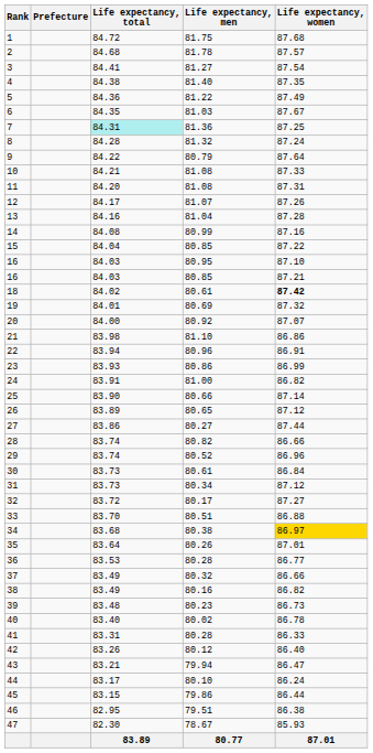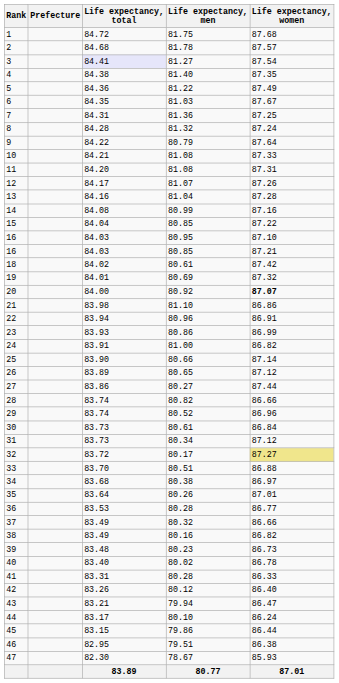 <table class="wikitable sortable">
 <tr>
 <th>Rank</th>
 <th>Prefecture</th>
 <th>Life expectancy,<br>total</th>
 <th>Life expectancy,<br>men</th>
 <th>Life expectancy,<br>women</th>
 </tr>
 <tr>
 <td>1</td>
 <td></td>
 <td>84.72</td>
 <td>81.75</td>
 <td>87.68</td>
 </tr>
 <tr>
 <td>2</td>
 <td></td>
 <td>84.68</td>
 <td>81.78</td>
 <td>87.57</td>
 </tr>
 <tr>
 <td>3</td>
 <td></td>
-<td>84.41</td>
+<td style="background: lavender;">84.41</td>
 <td>81.27</td>
 <td>87.54</td>
 </tr>
 <tr>
 <td>4</td>
 <td></td>
 <td>84.38</td>
 <td>81.40</td>
 <td>87.35</td>
 </tr>
 <tr>
 <td>5</td>
 <td></td>
 <td>84.36</td>
 <td>81.22</td>
 <td>87.49</td>
 </tr>
 <tr>
 <td>6</td>
 <td></td>
 <td>84.35</td>
 <td>81.03</td>
 <td>87.67</td>
 </tr>
 <tr>
 <td>7</td>
 <td></td>
-<td style="background: paleturquoise;">84.31</td>
+<td>84.31</td>
 <td>81.36</td>
 <td>87.25</td>
 </tr>
 <tr>
 <td>8</td>
 <td></td>
 <td>84.28</td>
 <td>81.32</td>
 <td>87.24</td>
 </tr>
 <tr>
 <td>9</td>
 <td></td>
 <td>84.22</td>
 <td>80.79</td>
 <td>87.64</td>
 </tr>
 <tr>
 <td>10</td>
 <td></td>
 <td>84.21</td>
 <td>81.08</td>
 <td>87.33</td>
 </tr>
 <tr>
 <td>11</td>
 <td></td>
 <td>84.20</td>
 <td>81.08</td>
 <td>87.31</td>
 </tr>
 <tr>
 <td>12</td>
 <td></td>
 <td>84.17</td>
 <td>81.07</td>
 <td>87.26</td>
 </tr>
 <tr>
 <td>13</td>
 <td></td>
 <td>84.16</td>
 <td>81.04</td>
 <td>87.28</td>
 </tr>
 <tr>
 <td>14</td>
 <td></td>
 <td>84.08</td>
 <td>80.99</td>
 <td>87.16</td>
 </tr>
 <tr>
 <td>15</td>
 <td></td>
 <td>84.04</td>
 <td>80.85</td>
 <td>87.22</td>
 </tr>
 <tr>
 <td>16</td>
 <td></td>
 <td>84.03</td>
 <td>80.95</td>
 <td>87.10</td>
 </tr>
 <tr>
 <td>16</td>
 <td></td>
 <td>84.03</td>
 <td>80.85</td>
 <td>87.21</td>
 </tr>
 <tr>
 <td>18</td>
 <td></td>
 <td>84.02</td>
 <td>80.61</td>
-<td><strong>87.42</strong></td>
+<td>87.42</td>
 </tr>
 <tr>
 <td>19</td>
 <td></td>
 <td>84.01</td>
 <td>80.69</td>
 <td>87.32</td>
 </tr>
 <tr>
 <td>20</td>
 <td></td>
 <td>84.00</td>
 <td>80.92</td>
-<td>87.07</td>
+<td><strong>87.07</strong></td>
 </tr>
 <tr>
 <td>21</td>
 <td></td>
 <td>83.98</td>
 <td>81.10</td>
 <td>86.86</td>
 </tr>
 <tr>
 <td>22</td>
 <td></td>
 <td>83.94</td>
 <td>80.96</td>
 <td>86.91</td>
 </tr>
 <tr>
 <td>23</td>
 <td></td>
 <td>83.93</td>
 <td>80.86</td>
 <td>86.99</td>
 </tr>
 <tr>
 <td>24</td>
 <td></td>
 <td>83.91</td>
 <td>81.00</td>
 <td>86.82</td>
 </tr>
 <tr>
 <td>25</td>
 <td></td>
 <td>83.90</td>
 <td>80.66</td>
 <td>87.14</td>
 </tr>
 <tr>
 <td>26</td>
 <td></td>
 <td>83.89</td>
 <td>80.65</td>
 <td>87.12</td>
 </tr>
 <tr>
 <td>27</td>
 <td></td>
 <td>83.86</td>
 <td>80.27</td>
 <td>87.44</td>
 </tr>
 <tr>
 <td>28</td>
 <td></td>
 <td>83.74</td>
 <td>80.82</td>
 <td>86.66</td>
 </tr>
 <tr>
 <td>29</td>
 <td></td>
 <td>83.74</td>
 <td>80.52</td>
 <td>86.96</td>
 </tr>
 <tr>
 <td>30</td>
 <td></td>
 <td>83.73</td>
 <td>80.61</td>
 <td>86.84</td>
 </tr>
 <tr>
 <td>31</td>
 <td></td>
 <td>83.73</td>
 <td>80.34</td>
 <td>87.12</td>
 </tr>
 <tr>
 <td>32</td>
 <td></td>
 <td>83.72</td>
 <td>80.17</td>
-<td>87.27</td>
+<td style="background: khaki;">87.27</td>
 </tr>
 <tr>
 <td>33</td>
 <td></td>
 <td>83.70</td>
 <td>80.51</td>
 <td>86.88</td>
 </tr>
 <tr>
 <td>34</td>
 <td></td>
 <td>83.68</td>
 <td>80.38</td>
-<td style="background: gold;">86.97</td>
+<td>86.97</td>
 </tr>
 <tr>
 <td>35</td>
 <td></td>
 <td>83.64</td>
 <td>80.26</td>
 <td>87.01</td>
 </tr>
 <tr>
 <td>36</td>
 <td></td>
 <td>83.53</td>
 <td>80.28</td>
 <td>86.77</td>
 </tr>
 <tr>
 <td>37</td>
 <td></td>
 <td>83.49</td>
 <td>80.32</td>
 <td>86.66</td>
 </tr>
 <tr>
 <td>38</td>
 <td></td>
 <td>83.49</td>
 <td>80.16</td>
 <td>86.82</td>
 </tr>
 <tr>
 <td>39</td>
 <td></td>
 <td>83.48</td>
 <td>80.23</td>
 <td>86.73</td>
 </tr>
 <tr>
 <td>40</td>
 <td></td>
 <td>83.40</td>
 <td>80.02</td>
 <td>86.78</td>
 </tr>
 <tr>
 <td>41</td>
 <td></td>
 <td>83.31</td>
 <td>80.28</td>
 <td>86.33</td>
 </tr>
 <tr>
 <td>42</td>
 <td></td>
 <td>83.26</td>
 <td>80.12</td>
 <td>86.40</td>
 </tr>
 <tr>
 <td>43</td>
 <td></td>
 <td>83.21</td>
 <td>79.94</td>
 <td>86.47</td>
 </tr>
 <tr>
 <td>44</td>
 <td></td>
 <td>83.17</td>
 <td>80.10</td>
 <td>86.24</td>
 </tr>
 <tr>
 <td>45</td>
 <td></td>
 <td>83.15</td>
 <td>79.86</td>
 <td>86.44</td>
 </tr>
 <tr>
 <td>46</td>
 <td></td>
 <td>82.95</td>
 <td>79.51</td>
 <td>86.38</td>
 </tr>
 <tr>
 <td>47</td>
 <td></td>
 <td>82.30</td>
 <td>78.67</td>
 <td>85.93</td>
 </tr>
 <tr>
 <th></th>
 <th></th>
 <th>83.89</th>
 <th>80.77</th>
 <th>87.01</th>
 </tr>
 </table>
